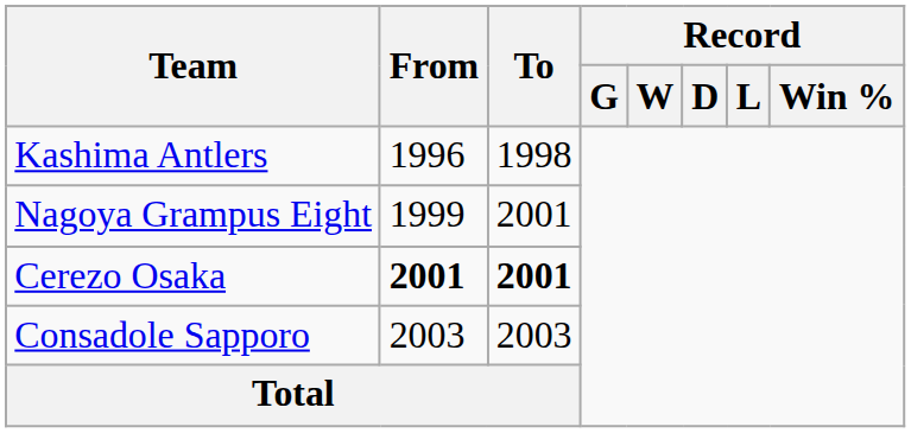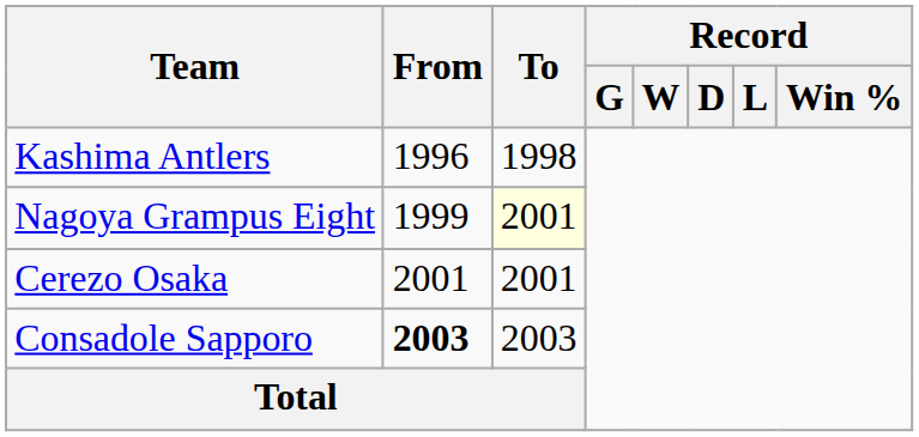 <table class="wikitable" style="text-align: center">
 <tr>
 <th rowspan="2">Team</th>
 <th rowspan="2">From</th>
 <th rowspan="2">To</th>
 <th colspan="5">Record</th>
 </tr>
 <tr>
 <th>G</th>
 <th>W</th>
 <th>D</th>
 <th>L</th>
 <th>Win %</th>
 </tr>
 <tr>
 <td align="left"><a href='#'>Kashima Antlers</a></td>
 <td align="left">1996</td>
 <td align="left">1998<br></td>
 </tr>
 <tr>
 <td align="left"><a href='#'>Nagoya Grampus Eight</a></td>
 <td align="left">1999</td>
+<td align="left" style="background: lightyellow;">2001<br></td>
+</tr>
+<tr>
+<td align="left"><a href='#'>Cerezo Osaka</a></td>
+<td align="left">2001</td>
 <td align="left">2001<br></td>
 </tr>
 <tr>
-<td align="left"><a href='#'>Cerezo Osaka</a></td>
-<td align="left"><strong>2001</strong></td>
-<td align="left"><strong>2001<br></strong></td>
-</tr>
-<tr>
 <td align="left"><a href='#'>Consadole Sapporo</a></td>
-<td align="left">2003</td>
+<td align="left"><strong>2003</strong></td>
 <td align="left">2003<br></td>
 </tr>
 <tr>
 <th colspan="3">Total<br></th>
 </tr>
 </table>
